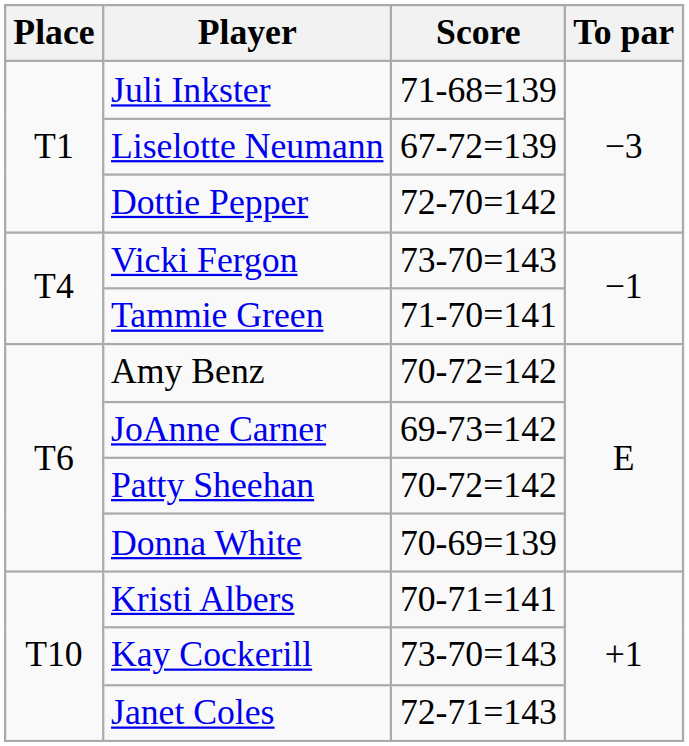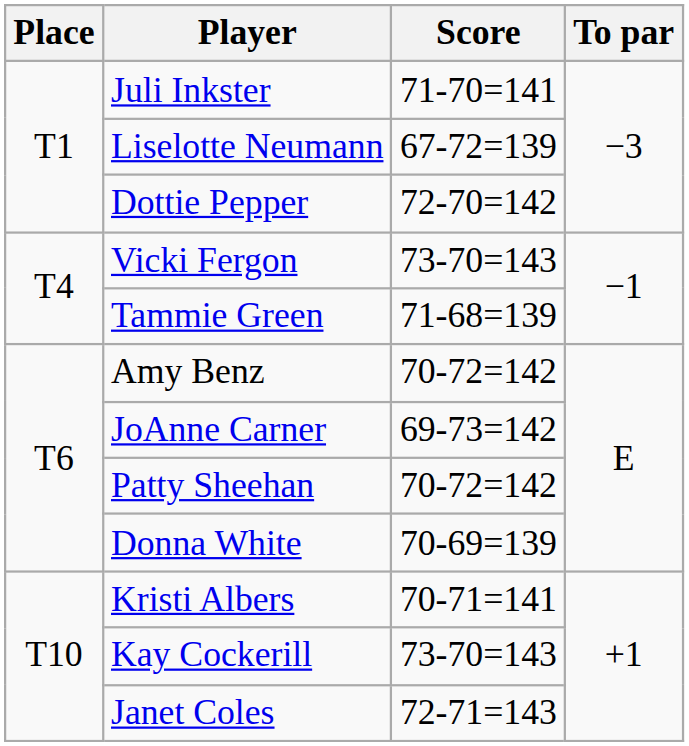 <table class=wikitable style="text-align:center">
 <tr>
 <th>Place</th>
 <th>Player</th>
 <th>Score</th>
 <th>To par</th>
 </tr>
 <tr>
 <td rowspan=3>T1</td>
 <td align=left> <a href='#'>Juli Inkster</a></td>
-<td>71-68=139</td>
+<td>71-70=141</td>
 <td rowspan=3>−3</td>
 </tr>
 <tr>
 <td align=left> <a href='#'>Liselotte Neumann</a></td>
 <td>67-72=139</td>
 </tr>
 <tr>
 <td align=left> <a href='#'>Dottie Pepper</a></td>
 <td>72-70=142</td>
 </tr>
 <tr>
 <td rowspan=2>T4</td>
 <td align=left> <a href='#'>Vicki Fergon</a></td>
 <td>73-70=143</td>
 <td rowspan=2>−1</td>
 </tr>
 <tr>
 <td align=left> <a href='#'>Tammie Green</a></td>
-<td>71-70=141</td>
+<td>71-68=139</td>
 </tr>
 <tr>
 <td rowspan=4>T6</td>
 <td align=left> Amy Benz</td>
 <td>70-72=142</td>
 <td rowspan=4>E</td>
 </tr>
 <tr>
 <td align=left> <a href='#'>JoAnne Carner</a></td>
 <td>69-73=142</td>
 </tr>
 <tr>
 <td align=left> <a href='#'>Patty Sheehan</a></td>
 <td>70-72=142</td>
 </tr>
 <tr>
 <td align=left> <a href='#'>Donna White</a></td>
 <td>70-69=139</td>
 </tr>
 <tr>
 <td rowspan=3>T10</td>
 <td align=left> <a href='#'>Kristi Albers</a></td>
 <td>70-71=141</td>
 <td rowspan=3>+1</td>
 </tr>
 <tr>
 <td align=left> <a href='#'>Kay Cockerill</a></td>
 <td>73-70=143</td>
 </tr>
 <tr>
 <td align=left> <a href='#'>Janet Coles</a></td>
 <td>72-71=143</td>
 </tr>
 </table>
